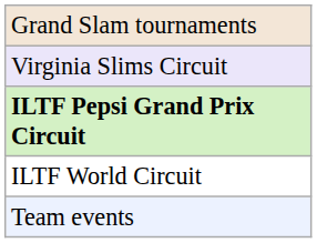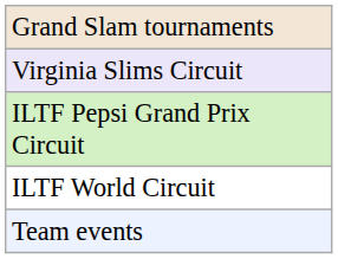 <table class=wikitable style=font-size:95%;width:15%>
 <tr style="background:#F3E6D7;">
 <td>Grand Slam tournaments</td>
 </tr>
 <tr style="background:#ebe6fa;">
 <td>Virginia Slims Circuit</td>
 </tr>
 <tr style="background:#D4F1C5;">
-<td><strong>ILTF Pepsi Grand Prix Circuit</strong></td>
+<td>ILTF Pepsi Grand Prix Circuit</td>
 </tr>
 <tr style="background:#fff;">
 <td>ILTF World Circuit</td>
 </tr>
 <tr style="background:#ECF2FF;">
 <td>Team events</td>
 </tr>
 </table>
